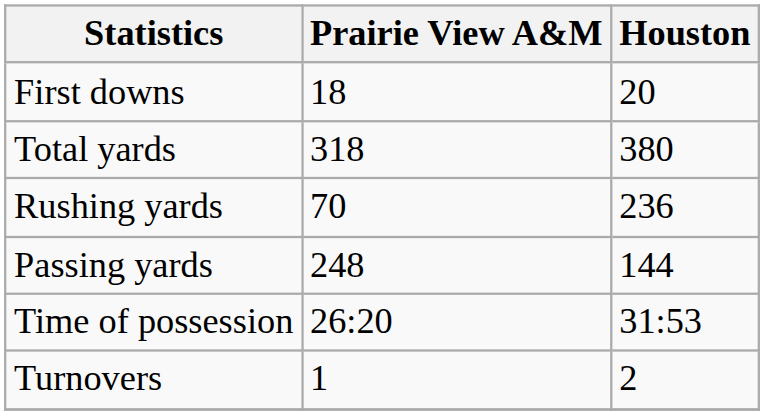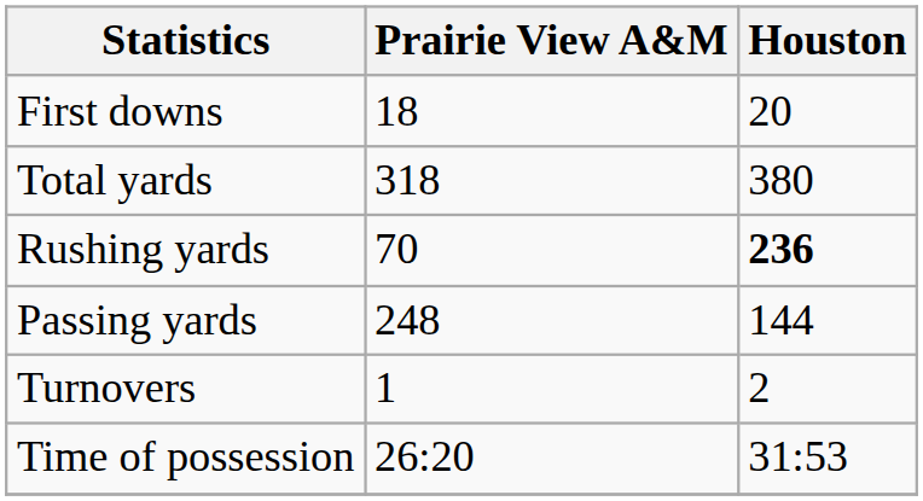 <table class="wikitable" style="float: right;">
 <tr>
 <th>Statistics</th>
 <th>Prairie View A&M</th>
 <th>Houston</th>
 </tr>
 <tr>
 <td>First downs</td>
 <td>18</td>
 <td>20</td>
 </tr>
 <tr>
 <td>Total yards</td>
 <td>318</td>
 <td>380</td>
 </tr>
 <tr>
 <td>Rushing yards</td>
 <td>70</td>
-<td>236</td>
+<td><strong>236</strong></td>
 </tr>
 <tr>
 <td>Passing yards</td>
 <td>248</td>
 <td>144</td>
 </tr>
 <tr>
+<td>Turnovers</td>
+<td>1</td>
+<td>2</td>
+</tr>
+<tr>
 <td>Time of possession</td>
 <td>26:20</td>
 <td>31:53</td>
 </tr>
 <tr>
-<td>Turnovers</td>
-<td>1</td>
-<td>2</td>
-</tr>
-<tr>
 </tr>
 </table>
